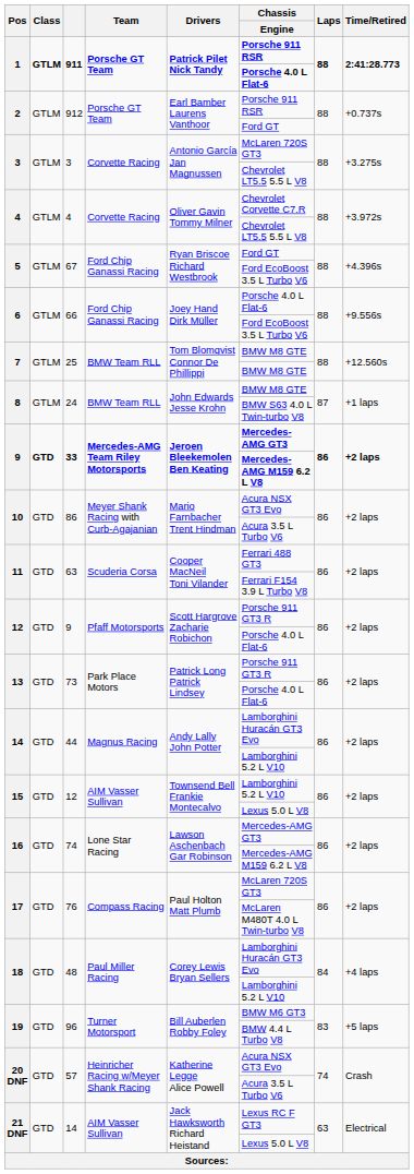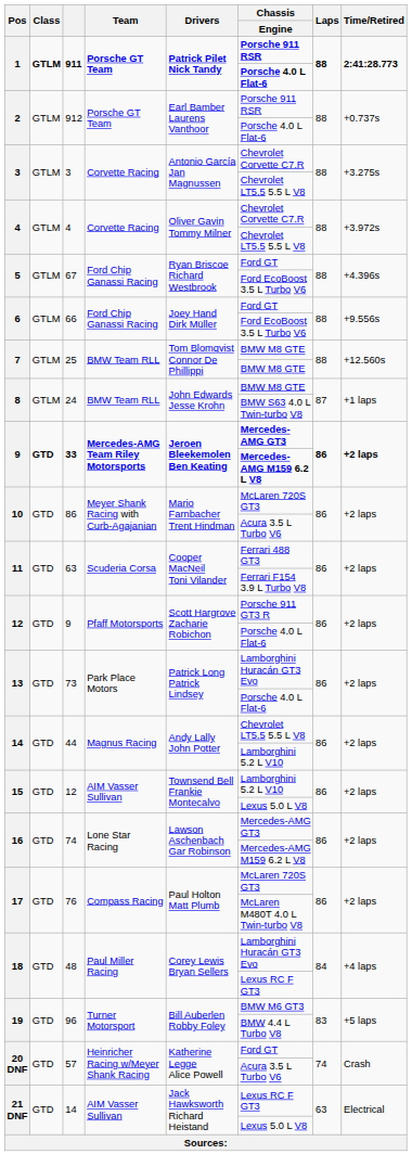 <table class="wikitable" style="font-size: 95%;">
 <tr>
 <th rowspan="2">Pos</th>
 <th rowspan="2">Class</th>
 <th rowspan="2"></th>
 <th rowspan="2">Team</th>
 <th rowspan="2">Drivers</th>
 <th>Chassis</th>
 <th rowspan="2">Laps</th>
 <th rowspan="2">Time/Retired</th>
 </tr>
 <tr>
 <th>Engine</th>
 </tr>
 <tr style="font-weight:bold">
 <th rowspan="2">1</th>
 <td rowspan="2">GTLM</td>
 <td rowspan="2">911</td>
 <td rowspan="2"> <a href='#'>Porsche GT Team</a></td>
 <td rowspan="2"> <a href='#'>Patrick Pilet</a><br> <a href='#'>Nick Tandy</a></td>
 <td><a href='#'>Porsche 911 RSR</a></td>
 <td rowspan="2">88</td>
 <td rowspan="2">2:41:28.773 </td>
 </tr>
 <tr style="font-weight:bold">
 <td><a href='#'>Porsche</a> 4.0 L <a href='#'>Flat-6</a></td>
 </tr>
 <tr>
 <th rowspan="2">2</th>
 <td rowspan="2">GTLM</td>
 <td rowspan="2">912</td>
 <td rowspan="2"> <a href='#'>Porsche GT Team</a></td>
 <td rowspan="2"> <a href='#'>Earl Bamber</a><br> <a href='#'>Laurens Vanthoor</a></td>
 <td><a href='#'>Porsche 911 RSR</a></td>
 <td rowspan="2">88</td>
 <td rowspan="2">+0.737s</td>
 </tr>
 <tr>
-<td><a href='#'>Ford GT</a></td>
+<td><a href='#'>Porsche</a> 4.0 L <a href='#'>Flat-6</a></td>
 </tr>
 <tr>
 <th rowspan="2">3</th>
 <td rowspan="2">GTLM</td>
 <td rowspan="2">3</td>
 <td rowspan="2"> <a href='#'>Corvette Racing</a></td>
 <td rowspan="2"> <a href='#'>Antonio García</a><br> <a href='#'>Jan Magnussen</a></td>
-<td><a href='#'>McLaren 720S GT3</a></td>
+<td><a href='#'>Chevrolet Corvette C7.R</a></td>
 <td rowspan="2">88</td>
 <td rowspan="2">+3.275s</td>
 </tr>
 <tr>
 <td><a href='#'>Chevrolet LT5.5</a> 5.5 L <a href='#'>V8</a></td>
 </tr>
 <tr>
 <th rowspan="2">4</th>
 <td rowspan="2">GTLM</td>
 <td rowspan="2">4</td>
 <td rowspan="2"> <a href='#'>Corvette Racing</a></td>
 <td rowspan="2"> <a href='#'>Oliver Gavin</a><br> <a href='#'>Tommy Milner</a></td>
 <td><a href='#'>Chevrolet Corvette C7.R</a></td>
 <td rowspan="2">88</td>
 <td rowspan="2">+3.972s</td>
 </tr>
 <tr>
 <td><a href='#'>Chevrolet LT5.5</a> 5.5 L <a href='#'>V8</a></td>
 </tr>
 <tr>
 <th rowspan="2">5</th>
 <td rowspan="2">GTLM</td>
 <td rowspan="2">67</td>
 <td rowspan="2"> <a href='#'>Ford Chip Ganassi Racing</a></td>
 <td rowspan="2"> <a href='#'>Ryan Briscoe</a><br> <a href='#'>Richard Westbrook</a></td>
 <td><a href='#'>Ford GT</a></td>
 <td rowspan="2">88</td>
 <td rowspan="2">+4.396s</td>
 </tr>
 <tr>
 <td><a href='#'>Ford EcoBoost</a> 3.5 L <a href='#'>Turbo</a> <a href='#'>V6</a></td>
 </tr>
 <tr>
 <th rowspan="2">6</th>
 <td rowspan="2">GTLM</td>
 <td rowspan="2">66</td>
 <td rowspan="2"> <a href='#'>Ford Chip Ganassi Racing</a></td>
 <td rowspan="2"> <a href='#'>Joey Hand</a><br> <a href='#'>Dirk Müller</a></td>
-<td><a href='#'>Porsche</a> 4.0 L <a href='#'>Flat-6</a></td>
+<td><a href='#'>Ford GT</a></td>
 <td rowspan="2">88</td>
 <td rowspan="2">+9.556s</td>
 </tr>
 <tr>
 <td><a href='#'>Ford EcoBoost</a> 3.5 L <a href='#'>Turbo</a> <a href='#'>V6</a></td>
 </tr>
 <tr>
 <th rowspan="2">7</th>
 <td rowspan="2">GTLM</td>
 <td rowspan="2">25</td>
 <td rowspan="2"> <a href='#'>BMW Team RLL</a></td>
 <td rowspan="2"> <a href='#'>Tom Blomqvist</a><br> <a href='#'>Connor De Phillippi</a></td>
 <td><a href='#'>BMW M8 GTE</a></td>
 <td rowspan="2">88</td>
 <td rowspan="2">+12.560s</td>
 </tr>
 <tr>
 <td><a href='#'>BMW M8 GTE</a></td>
 </tr>
 <tr>
 <th rowspan="2">8</th>
 <td rowspan="2">GTLM</td>
 <td rowspan="2">24</td>
 <td rowspan="2"> <a href='#'>BMW Team RLL</a></td>
 <td rowspan="2"> <a href='#'>John Edwards</a><br> <a href='#'>Jesse Krohn</a></td>
 <td><a href='#'>BMW M8 GTE</a></td>
 <td rowspan="2">87</td>
 <td rowspan="2">+1 laps</td>
 </tr>
 <tr>
 <td><a href='#'>BMW S63</a> 4.0 L <a href='#'>Twin-turbo</a> <a href='#'>V8</a></td>
 </tr>
 <tr style="font-weight:bold">
 <th rowspan="2">9</th>
 <td rowspan="2">GTD</td>
 <td rowspan="2">33</td>
 <td rowspan="2"> <a href='#'>Mercedes-AMG Team Riley Motorsports</a></td>
 <td rowspan="2"> <a href='#'>Jeroen Bleekemolen</a><br> <a href='#'>Ben Keating</a></td>
 <td><a href='#'>Mercedes-AMG GT3</a></td>
 <td rowspan="2">86</td>
 <td rowspan="2">+2 laps</td>
 </tr>
 <tr style="font-weight:bold">
 <td><a href='#'>Mercedes-AMG M159</a> 6.2 L <a href='#'>V8</a></td>
 </tr>
 <tr>
 <th rowspan="2">10</th>
 <td rowspan="2">GTD</td>
 <td rowspan="2">86</td>
 <td rowspan="2"> <a href='#'>Meyer Shank Racing</a> with <a href='#'>Curb-Agajanian</a></td>
 <td rowspan="2"> <a href='#'>Mario Farnbacher</a><br> <a href='#'>Trent Hindman</a></td>
-<td><a href='#'>Acura NSX GT3 Evo</a></td>
+<td><a href='#'>McLaren 720S GT3</a></td>
 <td rowspan="2">86</td>
 <td rowspan="2">+2 laps</td>
 </tr>
 <tr>
 <td><a href='#'>Acura</a> 3.5 L <a href='#'>Turbo</a> <a href='#'>V6</a></td>
 </tr>
 <tr>
 <th rowspan="2">11</th>
 <td rowspan="2">GTD</td>
 <td rowspan="2">63</td>
 <td rowspan="2"> <a href='#'>Scuderia Corsa</a></td>
 <td rowspan="2"> <a href='#'>Cooper MacNeil</a><br> <a href='#'>Toni Vilander</a></td>
 <td><a href='#'>Ferrari 488 GT3</a></td>
 <td rowspan="2">86</td>
 <td rowspan="2">+2 laps</td>
 </tr>
 <tr>
 <td><a href='#'>Ferrari F154</a> 3.9 L <a href='#'>Turbo</a> <a href='#'>V8</a></td>
 </tr>
 <tr>
 <th rowspan="2">12</th>
 <td rowspan="2">GTD</td>
 <td rowspan="2">9</td>
 <td rowspan="2"> <a href='#'>Pfaff Motorsports</a></td>
 <td rowspan="2"> <a href='#'>Scott Hargrove</a><br> <a href='#'>Zacharie Robichon</a></td>
 <td><a href='#'>Porsche 911 GT3 R</a></td>
 <td rowspan="2">86</td>
 <td rowspan="2">+2 laps</td>
 </tr>
 <tr>
 <td><a href='#'>Porsche</a> 4.0 L <a href='#'>Flat-6</a></td>
 </tr>
 <tr>
 <th rowspan="2">13</th>
 <td rowspan="2">GTD</td>
 <td rowspan="2">73</td>
 <td rowspan="2"> Park Place Motors</td>
 <td rowspan="2"> <a href='#'>Patrick Long</a><br> <a href='#'>Patrick Lindsey</a></td>
-<td><a href='#'>Porsche 911 GT3 R</a></td>
+<td><a href='#'>Lamborghini Huracán GT3 Evo</a></td>
 <td rowspan="2">86</td>
 <td rowspan="2">+2 laps</td>
 </tr>
 <tr>
 <td><a href='#'>Porsche</a> 4.0 L <a href='#'>Flat-6</a></td>
 </tr>
 <tr>
 <th rowspan="2">14</th>
 <td rowspan="2">GTD</td>
 <td rowspan="2">44</td>
 <td rowspan="2"> <a href='#'>Magnus Racing</a></td>
 <td rowspan="2"> <a href='#'>Andy Lally</a><br> <a href='#'>John Potter</a></td>
-<td><a href='#'>Lamborghini Huracán GT3 Evo</a></td>
+<td><a href='#'>Chevrolet LT5.5</a> 5.5 L <a href='#'>V8</a></td>
 <td rowspan="2">86</td>
 <td rowspan="2">+2 laps</td>
 </tr>
 <tr>
 <td><a href='#'>Lamborghini</a> 5.2 L <a href='#'>V10</a></td>
 </tr>
 <tr>
 <th rowspan="2">15</th>
 <td rowspan="2">GTD</td>
 <td rowspan="2">12</td>
 <td rowspan="2"> <a href='#'>AIM Vasser Sullivan</a></td>
 <td rowspan="2"> <a href='#'>Townsend Bell</a><br> <a href='#'>Frankie Montecalvo</a></td>
 <td><a href='#'>Lamborghini</a> 5.2 L <a href='#'>V10</a></td>
 <td rowspan="2">86</td>
 <td rowspan="2">+2 laps</td>
 </tr>
 <tr>
 <td><a href='#'>Lexus</a> 5.0 L <a href='#'>V8</a></td>
 </tr>
 <tr>
 <th rowspan="2">16</th>
 <td rowspan="2">GTD</td>
 <td rowspan="2">74</td>
 <td rowspan="2"> Lone Star Racing</td>
 <td rowspan="2"> <a href='#'>Lawson Aschenbach</a><br> <a href='#'>Gar Robinson</a></td>
 <td><a href='#'>Mercedes-AMG GT3</a></td>
 <td rowspan="2">86</td>
 <td rowspan="2">+2 laps</td>
 </tr>
 <tr>
 <td><a href='#'>Mercedes-AMG M159</a> 6.2 L <a href='#'>V8</a></td>
 </tr>
 <tr>
 <th rowspan="2">17</th>
 <td rowspan="2">GTD</td>
 <td rowspan="2">76</td>
 <td rowspan="2"> <a href='#'>Compass Racing</a></td>
 <td rowspan="2"> Paul Holton<br> <a href='#'>Matt Plumb</a></td>
 <td><a href='#'>McLaren 720S GT3</a></td>
 <td rowspan="2">86</td>
 <td rowspan="2">+2 laps</td>
 </tr>
 <tr>
 <td><a href='#'>McLaren</a> M480T 4.0 L <a href='#'>Twin-turbo</a> <a href='#'>V8</a></td>
 </tr>
 <tr>
 <th rowspan="2">18</th>
 <td rowspan="2">GTD</td>
 <td rowspan="2">48</td>
 <td rowspan="2"> <a href='#'>Paul Miller Racing</a></td>
 <td rowspan="2"> <a href='#'>Corey Lewis</a><br> <a href='#'>Bryan Sellers</a></td>
 <td><a href='#'>Lamborghini Huracán GT3 Evo</a></td>
 <td rowspan="2">84</td>
 <td rowspan="2">+4 laps</td>
 </tr>
 <tr>
-<td><a href='#'>Lamborghini</a> 5.2 L <a href='#'>V10</a></td>
+<td><a href='#'>Lexus RC F GT3</a></td>
 </tr>
 <tr>
 <th rowspan="2">19</th>
 <td rowspan="2">GTD</td>
 <td rowspan="2">96</td>
 <td rowspan="2"> <a href='#'>Turner Motorsport</a></td>
 <td rowspan="2"> <a href='#'>Bill Auberlen</a><br> <a href='#'>Robby Foley</a></td>
 <td><a href='#'>BMW M6 GT3</a></td>
 <td rowspan="2">83</td>
 <td rowspan="2">+5 laps</td>
 </tr>
 <tr>
 <td><a href='#'>BMW</a> 4.4 L <a href='#'>Turbo</a> <a href='#'>V8</a></td>
 </tr>
 <tr>
 <th rowspan="2">20<br>DNF</th>
 <td rowspan="2">GTD</td>
 <td rowspan="2">57</td>
 <td rowspan="2"> <a href='#'>Heinricher Racing w/Meyer Shank Racing</a></td>
 <td rowspan="2"> <a href='#'>Katherine Legge</a><br> Alice Powell</td>
-<td><a href='#'>Acura NSX GT3 Evo</a></td>
+<td><a href='#'>Ford GT</a></td>
 <td rowspan="2">74</td>
 <td rowspan="2">Crash</td>
 </tr>
 <tr>
 <td><a href='#'>Acura</a> 3.5 L <a href='#'>Turbo</a> <a href='#'>V6</a></td>
 </tr>
 <tr>
 <th rowspan="2">21<br>DNF</th>
 <td rowspan="2">GTD</td>
 <td rowspan="2">14</td>
 <td rowspan="2"> <a href='#'>AIM Vasser Sullivan</a></td>
 <td rowspan="2"> <a href='#'>Jack Hawksworth</a><br> Richard Heistand</td>
 <td><a href='#'>Lexus RC F GT3</a></td>
 <td rowspan="2">63</td>
 <td rowspan="2">Electrical</td>
 </tr>
 <tr>
 <td><a href='#'>Lexus</a> 5.0 L <a href='#'>V8</a></td>
 </tr>
 <tr>
 <th colspan="8">Sources:</th>
 </tr>
 </table>
